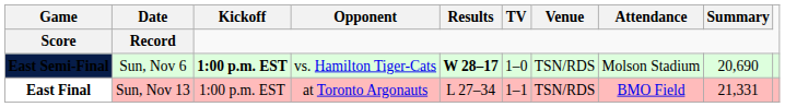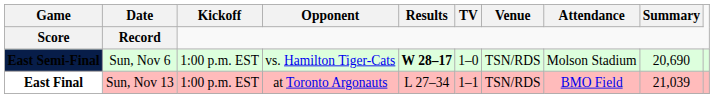 <table class="wikitable" style="font-size: 95%;">
 <tr>
 <th scope="col">Game</th>
 <th scope="col">Date</th>
 <th scope="col">Kickoff</th>
 <th scope="col">Opponent</th>
 <th scope="col">Results</th>
 <th scope="col">TV</th>
 <th scope="col">Venue</th>
 <th scope="col">Attendance</th>
 <th scope="col">Summary</th>
 </tr>
 <tr>
 <th scope="col">Score</th>
 <th scope="col">Record</th>
 </tr>
 <tr align="center" bgcolor="#ddffdd">
 <th style="text-align:center; background:#071D49;"><span><strong>East Semi-Final</strong></span></th>
 <td align="center">Sun, Nov 6</td>
-<td align="center"><strong>1:00 p.m. EST</strong></td>
+<td align="center">1:00 p.m. EST</td>
 <td align="center">vs. <a href='#'>Hamilton Tiger-Cats</a></td>
 <td align="center"><strong>W 28–17</strong></td>
 <td align="center">1–0</td>
 <td align="center">TSN/RDS</td>
 <td align="center">Molson Stadium</td>
 <td align="center">20,690</td>
 <td align="center"></td>
 </tr>
 <tr align="center" bgcolor="#ffbbbb">
 <th style="text-align:center; background:white;"><span><strong>East Final</strong></span></th>
 <td align="center">Sun, Nov 13</td>
 <td align="center">1:00 p.m. EST</td>
 <td align="center">at <a href='#'>Toronto Argonauts</a></td>
 <td align="center">L 27–34</td>
 <td align="center">1–1</td>
 <td align="center">TSN/RDS</td>
 <td align="center"><a href='#'>BMO Field</a></td>
-<td align="center">21,331</td>
+<td align="center">21,039</td>
 <td align="center"></td>
 </tr>
 </table>
